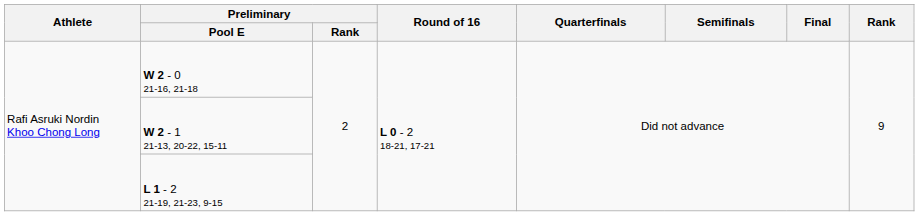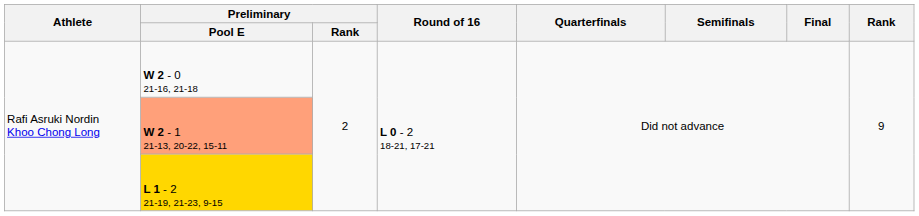 <table class=wikitable width="90%" style="font-size:90%; text-align:center">
 <tr>
 <th rowspan="2" width="15%">Athlete</th>
 <th colspan="2">Preliminary</th>
 <th rowspan="2">Round of 16</th>
 <th rowspan="2">Quarterfinals</th>
 <th rowspan="2">Semifinals</th>
 <th rowspan="2">Final</th>
 <th rowspan="2">Rank</th>
 </tr>
 <tr>
 <th>Pool E</th>
 <th>Rank</th>
 </tr>
 <tr>
 <td rowspan=3 align=left>Rafi Asruki Nordin<br><a href='#'>Khoo Chong Long</a></td>
 <td align=left><br><br><strong>W 2</strong> - 0<br><small>21-16, 21-18</small></td>
 <td rowspan=3>2 <strong></strong></td>
 <td align=left rowspan=3><br><br><strong>L 0</strong> - 2<br><small>18-21, 17-21</small></td>
 <td rowspan=3 colspan="3">Did not advance</td>
 <td rowspan=3>9</td>
 </tr>
 <tr>
-<td align=left><br><br><strong>W 2</strong> - 1<br><small>21-13, 20-22, 15-11</small></td>
+<td align=left style="background: lightsalmon;"><br><br><strong>W 2</strong> - 1<br><small>21-13, 20-22, 15-11</small></td>
 </tr>
 <tr>
-<td align=left><br><br><strong>L 1</strong> - 2<br><small>21-19, 21-23, 9-15</small></td>
+<td align=left style="background: gold;"><br><br><strong>L 1</strong> - 2<br><small>21-19, 21-23, 9-15</small></td>
 </tr>
 </table>
